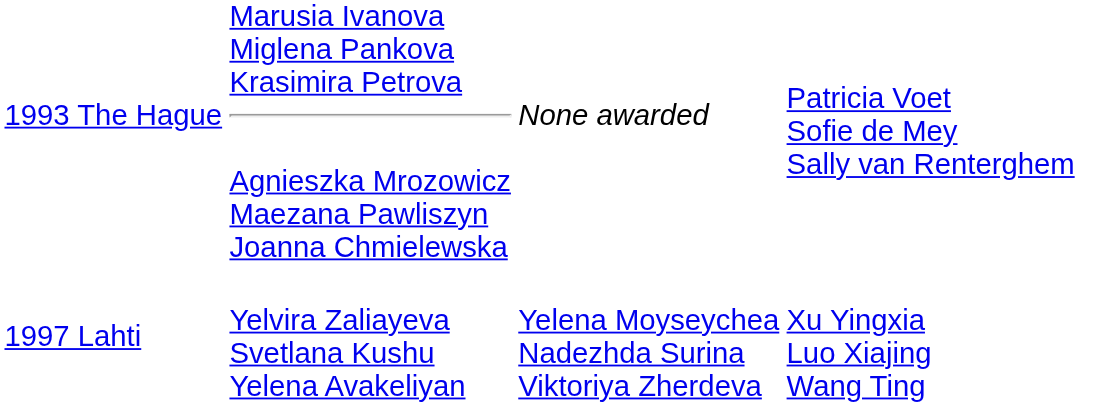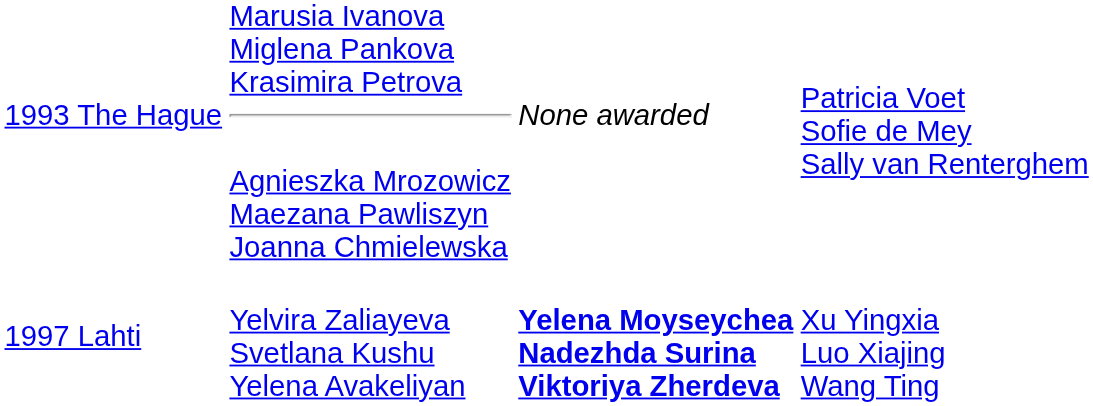 <table>
 <tr>
 <td><a href='#'>1993 The Hague</a></td>
 <td><br><a href='#'>Marusia Ivanova</a><br><a href='#'>Miglena Pankova</a><br><a href='#'>Krasimira Petrova</a><hr><br><a href='#'>Agnieszka Mrozowicz</a> <br><a href='#'>Maezana Pawliszyn</a><br><a href='#'>Joanna Chmielewska</a></td>
 <td><em>None awarded</em></td>
 <td><br><a href='#'>Patricia Voet</a><br><a href='#'>Sofie de Mey</a><br><a href='#'>Sally van Renterghem</a></td>
 </tr>
 <tr>
 <td><a href='#'>1997 Lahti</a></td>
 <td><br><a href='#'>Yelvira Zaliayeva</a><br><a href='#'>Svetlana Kushu</a><br><a href='#'>Yelena Avakeliyan</a></td>
-<td><br><a href='#'>Yelena Moyseychea</a><br><a href='#'>Nadezhda Surina</a><br><a href='#'>Viktoriya Zherdeva</a></td>
+<td><strong><br><a href='#'>Yelena Moyseychea</a><br><a href='#'>Nadezhda Surina</a><br><a href='#'>Viktoriya Zherdeva</a></strong></td>
 <td><br><a href='#'>Xu Yingxia</a><br><a href='#'>Luo Xiajing</a><br><a href='#'>Wang Ting</a></td>
 </tr>
 </table>
